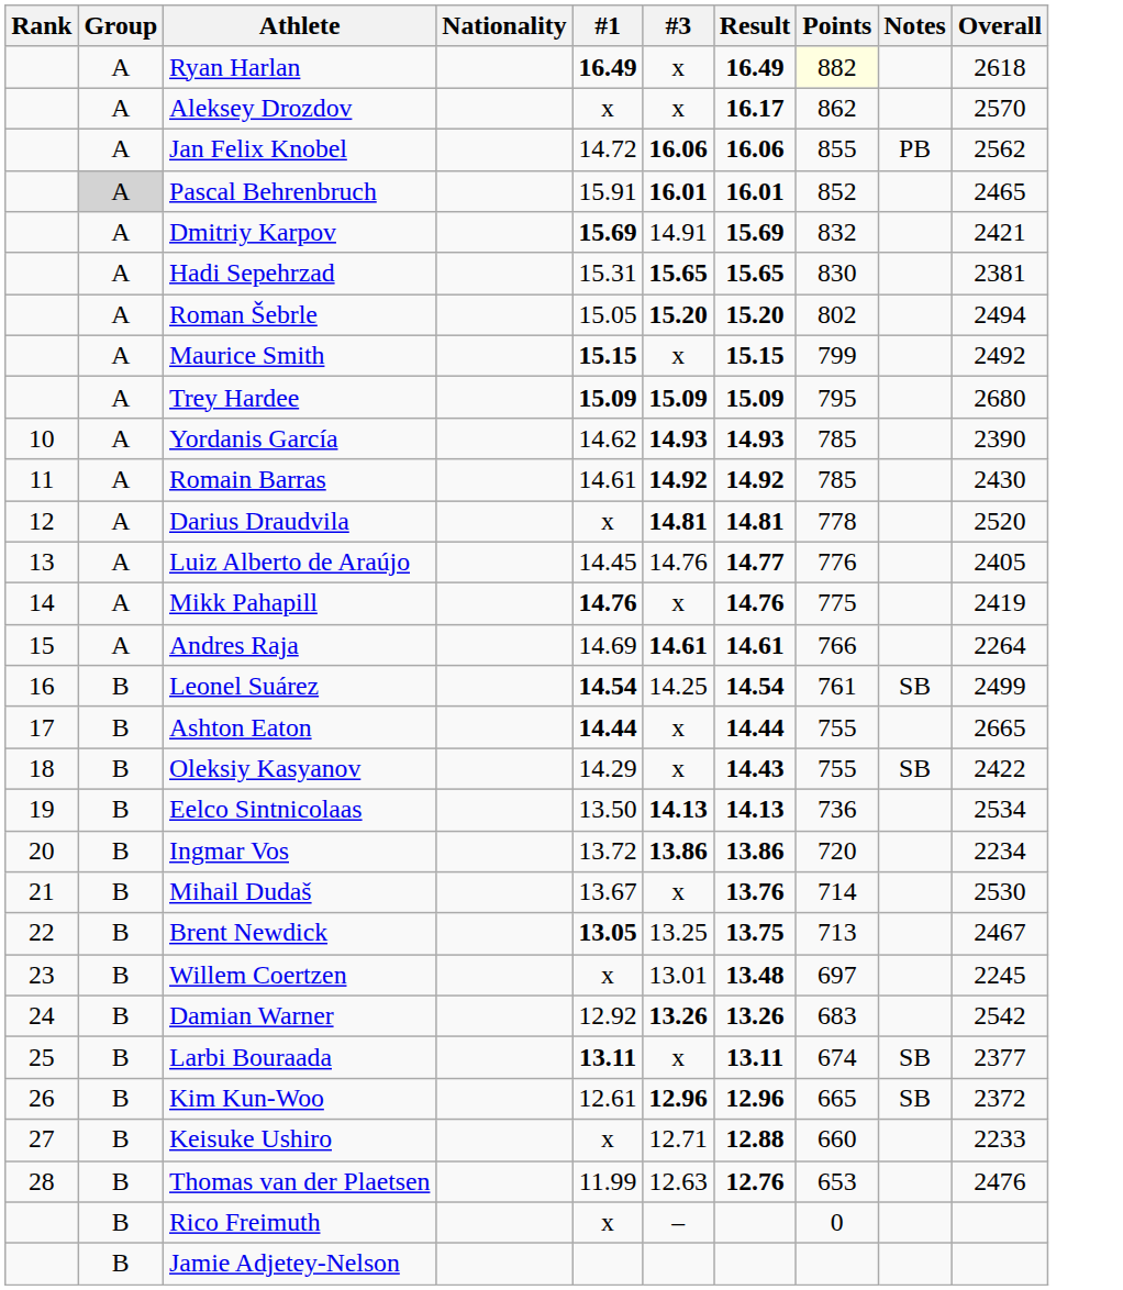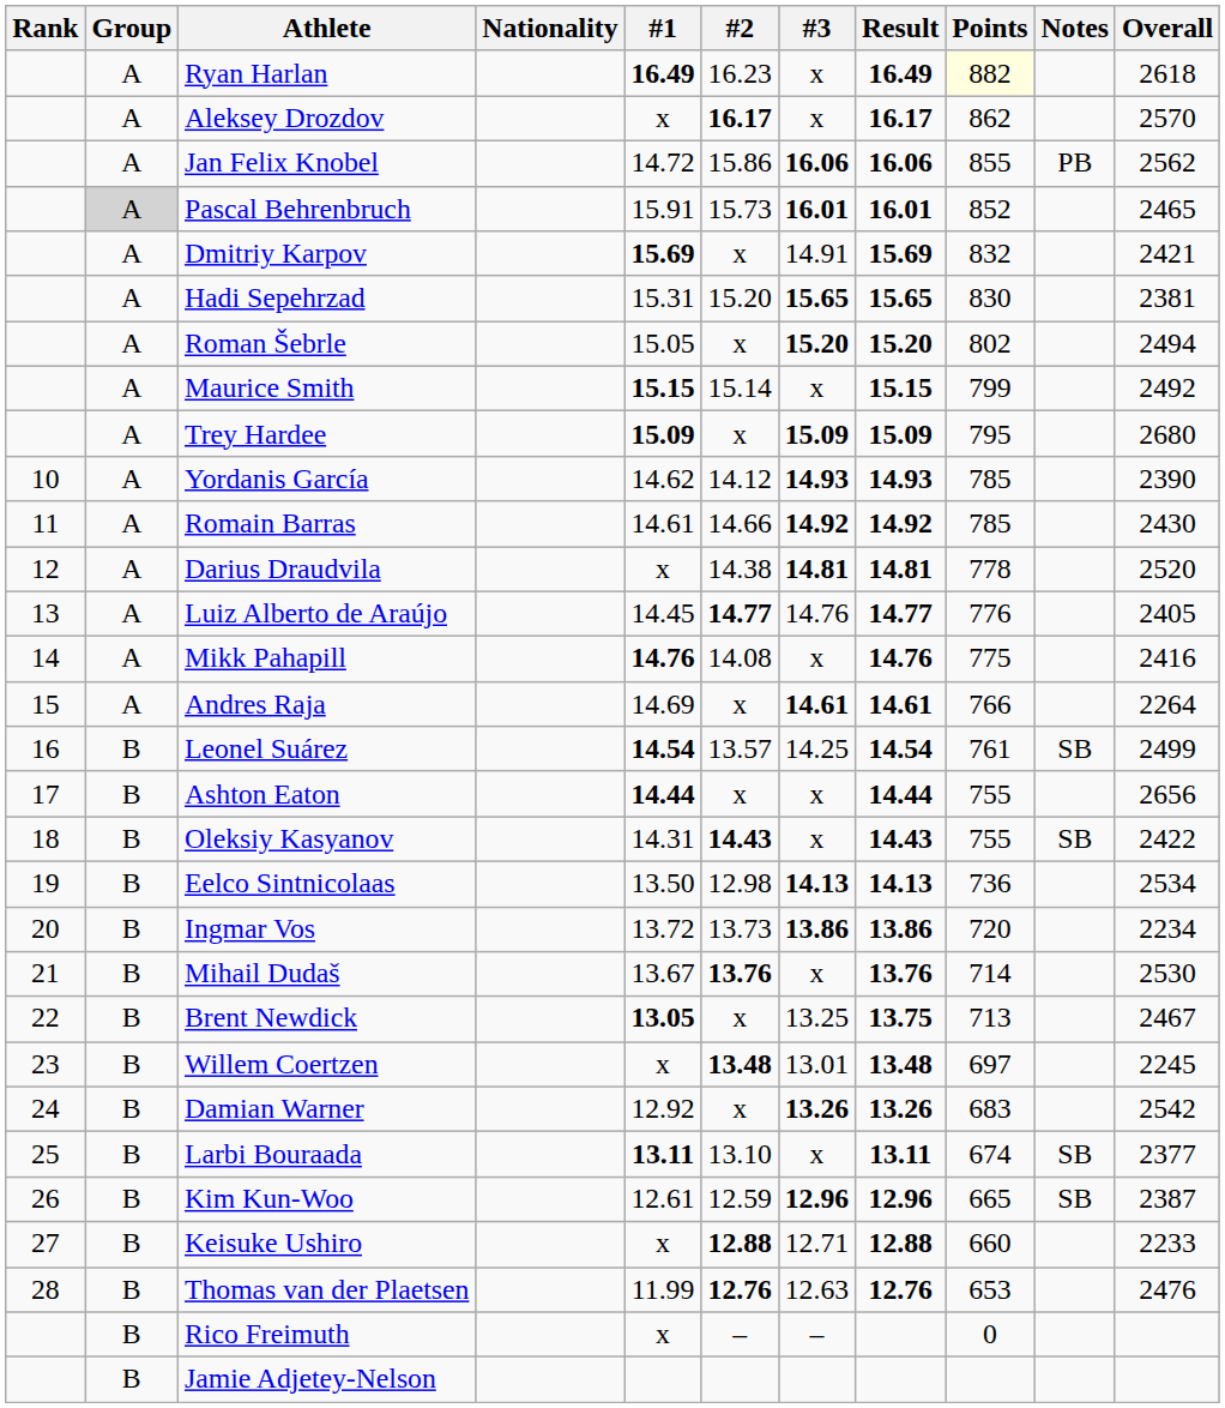 <table class="wikitable sortable" style="text-align:center; text-size:90%">
 <tr>
 <th>Rank</th>
 <th>Group</th>
 <th>Athlete</th>
 <th>Nationality</th>
 <th>#1</th>
+<th>#2</th>
 <th>#3</th>
 <th>Result</th>
 <th>Points</th>
 <th>Notes</th>
 <th>Overall</th>
 </tr>
 <tr>
 <td></td>
 <td>A</td>
 <td align=left><a href='#'>Ryan Harlan</a></td>
 <td align=left></td>
 <td><strong>16.49</strong></td>
+<td>16.23</td>
 <td>x</td>
 <td><strong>16.49</strong></td>
 <td style="background: lightyellow;">882</td>
 <td></td>
 <td>2618</td>
 </tr>
 <tr>
 <td></td>
 <td>A</td>
 <td align=left><a href='#'>Aleksey Drozdov</a></td>
 <td align=left></td>
 <td>x</td>
+<td><strong>16.17</strong></td>
 <td>x</td>
 <td><strong>16.17</strong></td>
 <td>862</td>
 <td></td>
 <td>2570</td>
 </tr>
 <tr>
 <td></td>
 <td>A</td>
 <td align=left><a href='#'>Jan Felix Knobel</a></td>
 <td align=left></td>
 <td>14.72</td>
+<td>15.86</td>
 <td><strong>16.06</strong></td>
 <td><strong>16.06</strong></td>
 <td>855</td>
 <td>PB</td>
 <td>2562</td>
 </tr>
 <tr>
 <td></td>
 <td style="background: lightgrey;">A</td>
 <td align=left><a href='#'>Pascal Behrenbruch</a></td>
 <td align=left></td>
 <td>15.91</td>
+<td>15.73</td>
 <td><strong>16.01</strong></td>
 <td><strong>16.01</strong></td>
 <td>852</td>
 <td></td>
 <td>2465</td>
 </tr>
 <tr>
 <td></td>
 <td>A</td>
 <td align=left><a href='#'>Dmitriy Karpov</a></td>
 <td align=left></td>
 <td><strong>15.69</strong></td>
+<td>x</td>
 <td>14.91</td>
 <td><strong>15.69</strong></td>
 <td>832</td>
 <td></td>
 <td>2421</td>
 </tr>
 <tr>
 <td></td>
 <td>A</td>
 <td align=left><a href='#'>Hadi Sepehrzad</a></td>
 <td align=left></td>
 <td>15.31</td>
+<td>15.20</td>
 <td><strong>15.65</strong></td>
 <td><strong>15.65</strong></td>
 <td>830</td>
 <td></td>
 <td>2381</td>
 </tr>
 <tr>
 <td></td>
 <td>A</td>
 <td align=left><a href='#'>Roman Šebrle</a></td>
 <td align=left></td>
 <td>15.05</td>
+<td>x</td>
 <td><strong>15.20</strong></td>
 <td><strong>15.20</strong></td>
 <td>802</td>
 <td></td>
 <td>2494</td>
 </tr>
 <tr>
 <td></td>
 <td>A</td>
 <td align=left><a href='#'>Maurice Smith</a></td>
 <td align=left></td>
 <td><strong>15.15</strong></td>
+<td>15.14</td>
 <td>x</td>
 <td><strong>15.15</strong></td>
 <td>799</td>
 <td></td>
 <td>2492</td>
 </tr>
 <tr>
 <td></td>
 <td>A</td>
 <td align=left><a href='#'>Trey Hardee</a></td>
 <td align=left></td>
 <td><strong>15.09</strong></td>
+<td>x</td>
 <td><strong>15.09</strong></td>
 <td><strong>15.09</strong></td>
 <td>795</td>
 <td></td>
 <td>2680</td>
 </tr>
 <tr>
 <td>10</td>
 <td>A</td>
 <td align=left><a href='#'>Yordanis García</a></td>
 <td align=left></td>
 <td>14.62</td>
+<td>14.12</td>
 <td><strong>14.93</strong></td>
 <td><strong>14.93</strong></td>
 <td>785</td>
 <td></td>
 <td>2390</td>
 </tr>
 <tr>
 <td>11</td>
 <td>A</td>
 <td align=left><a href='#'>Romain Barras</a></td>
 <td align=left></td>
 <td>14.61</td>
+<td>14.66</td>
 <td><strong>14.92</strong></td>
 <td><strong>14.92</strong></td>
 <td>785</td>
 <td></td>
 <td>2430</td>
 </tr>
 <tr>
 <td>12</td>
 <td>A</td>
 <td align=left><a href='#'>Darius Draudvila</a></td>
 <td align=left></td>
 <td>x</td>
+<td>14.38</td>
 <td><strong>14.81</strong></td>
 <td><strong>14.81</strong></td>
 <td>778</td>
 <td></td>
 <td>2520</td>
 </tr>
 <tr>
 <td>13</td>
 <td>A</td>
 <td align=left><a href='#'>Luiz Alberto de Araújo</a></td>
 <td align=left></td>
 <td>14.45</td>
+<td><strong>14.77</strong></td>
 <td>14.76</td>
 <td><strong>14.77</strong></td>
 <td>776</td>
 <td></td>
 <td>2405</td>
 </tr>
 <tr>
 <td>14</td>
 <td>A</td>
 <td align=left><a href='#'>Mikk Pahapill</a></td>
 <td align=left></td>
 <td><strong>14.76</strong></td>
+<td>14.08</td>
 <td>x</td>
 <td><strong>14.76</strong></td>
 <td>775</td>
 <td></td>
-<td>2419</td>
+<td>2416</td>
 </tr>
 <tr>
 <td>15</td>
 <td>A</td>
 <td align=left><a href='#'>Andres Raja</a></td>
 <td align=left></td>
 <td>14.69</td>
+<td>x</td>
 <td><strong>14.61</strong></td>
 <td><strong>14.61</strong></td>
 <td>766</td>
 <td></td>
 <td>2264</td>
 </tr>
 <tr>
 <td>16</td>
 <td>B</td>
 <td align=left><a href='#'>Leonel Suárez</a></td>
 <td align=left></td>
 <td><strong>14.54</strong></td>
+<td>13.57</td>
 <td>14.25</td>
 <td><strong>14.54</strong></td>
 <td>761</td>
 <td>SB</td>
 <td>2499</td>
 </tr>
 <tr>
 <td>17</td>
 <td>B</td>
 <td align=left><a href='#'>Ashton Eaton</a></td>
 <td align=left></td>
 <td><strong>14.44</strong></td>
 <td>x</td>
+<td>x</td>
 <td><strong>14.44</strong></td>
 <td>755</td>
 <td></td>
-<td>2665</td>
+<td>2656</td>
 </tr>
 <tr>
 <td>18</td>
 <td>B</td>
 <td align=left><a href='#'>Oleksiy Kasyanov</a></td>
 <td align=left></td>
-<td>14.29</td>
+<td>14.31</td>
+<td><strong>14.43</strong></td>
 <td>x</td>
 <td><strong>14.43</strong></td>
 <td>755</td>
 <td>SB</td>
 <td>2422</td>
 </tr>
 <tr>
 <td>19</td>
 <td>B</td>
 <td align=left><a href='#'>Eelco Sintnicolaas</a></td>
 <td align=left></td>
 <td>13.50</td>
+<td>12.98</td>
 <td><strong>14.13</strong></td>
 <td><strong>14.13</strong></td>
 <td>736</td>
 <td></td>
 <td>2534</td>
 </tr>
 <tr>
 <td>20</td>
 <td>B</td>
 <td align=left><a href='#'>Ingmar Vos</a></td>
 <td align=left></td>
 <td>13.72</td>
+<td>13.73</td>
 <td><strong>13.86</strong></td>
 <td><strong>13.86</strong></td>
 <td>720</td>
 <td></td>
 <td>2234</td>
 </tr>
 <tr>
 <td>21</td>
 <td>B</td>
 <td align=left><a href='#'>Mihail Dudaš</a></td>
 <td align=left></td>
 <td>13.67</td>
+<td><strong>13.76</strong></td>
 <td>x</td>
 <td><strong>13.76</strong></td>
 <td>714</td>
 <td></td>
 <td>2530</td>
 </tr>
 <tr>
 <td>22</td>
 <td>B</td>
 <td align=left><a href='#'>Brent Newdick</a></td>
 <td align=left></td>
 <td><strong>13.05</strong></td>
+<td>x</td>
 <td>13.25</td>
 <td><strong>13.75</strong></td>
 <td>713</td>
 <td></td>
 <td>2467</td>
 </tr>
 <tr>
 <td>23</td>
 <td>B</td>
 <td align=left><a href='#'>Willem Coertzen</a></td>
 <td align=left></td>
 <td>x</td>
+<td><strong>13.48</strong></td>
 <td>13.01</td>
 <td><strong>13.48</strong></td>
 <td>697</td>
 <td></td>
 <td>2245</td>
 </tr>
 <tr>
 <td>24</td>
 <td>B</td>
 <td align=left><a href='#'>Damian Warner</a></td>
 <td align=left></td>
 <td>12.92</td>
+<td>x</td>
 <td><strong>13.26</strong></td>
 <td><strong>13.26</strong></td>
 <td>683</td>
 <td></td>
 <td>2542</td>
 </tr>
 <tr>
 <td>25</td>
 <td>B</td>
 <td align=left><a href='#'>Larbi Bouraada</a></td>
 <td align=left></td>
 <td><strong>13.11</strong></td>
+<td>13.10</td>
 <td>x</td>
 <td><strong>13.11</strong></td>
 <td>674</td>
 <td>SB</td>
 <td>2377</td>
 </tr>
 <tr>
 <td>26</td>
 <td>B</td>
 <td align=left><a href='#'>Kim Kun-Woo</a></td>
 <td align=left></td>
 <td>12.61</td>
+<td>12.59</td>
 <td><strong>12.96</strong></td>
 <td><strong>12.96</strong></td>
 <td>665</td>
 <td>SB</td>
-<td>2372</td>
+<td>2387</td>
 </tr>
 <tr>
 <td>27</td>
 <td>B</td>
 <td align=left><a href='#'>Keisuke Ushiro</a></td>
 <td align=left></td>
 <td>x</td>
+<td><strong>12.88</strong></td>
 <td>12.71</td>
 <td><strong>12.88</strong></td>
 <td>660</td>
 <td></td>
 <td>2233</td>
 </tr>
 <tr>
 <td>28</td>
 <td>B</td>
 <td align=left><a href='#'>Thomas van der Plaetsen</a></td>
 <td align=left></td>
 <td>11.99</td>
+<td><strong>12.76</strong></td>
 <td>12.63</td>
 <td><strong>12.76</strong></td>
 <td>653</td>
 <td></td>
 <td>2476</td>
 </tr>
 <tr>
 <td></td>
 <td>B</td>
 <td align=left><a href='#'>Rico Freimuth</a></td>
 <td align=left></td>
 <td>x</td>
+<td>–</td>
 <td>–</td>
 <td></td>
 <td>0</td>
 <td></td>
 <td></td>
 </tr>
 <tr>
 <td></td>
 <td>B</td>
 <td align=left><a href='#'>Jamie Adjetey-Nelson</a></td>
 <td align=left></td>
 <td></td>
 <td></td>
 <td></td>
 <td></td>
 <td></td>
 <td></td>
+<td></td>
 </tr>
 </table>
